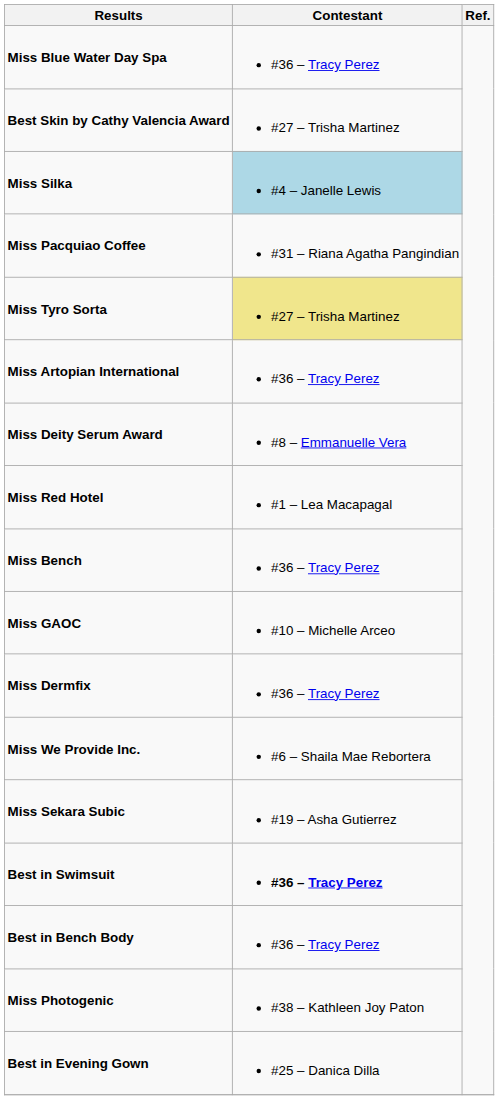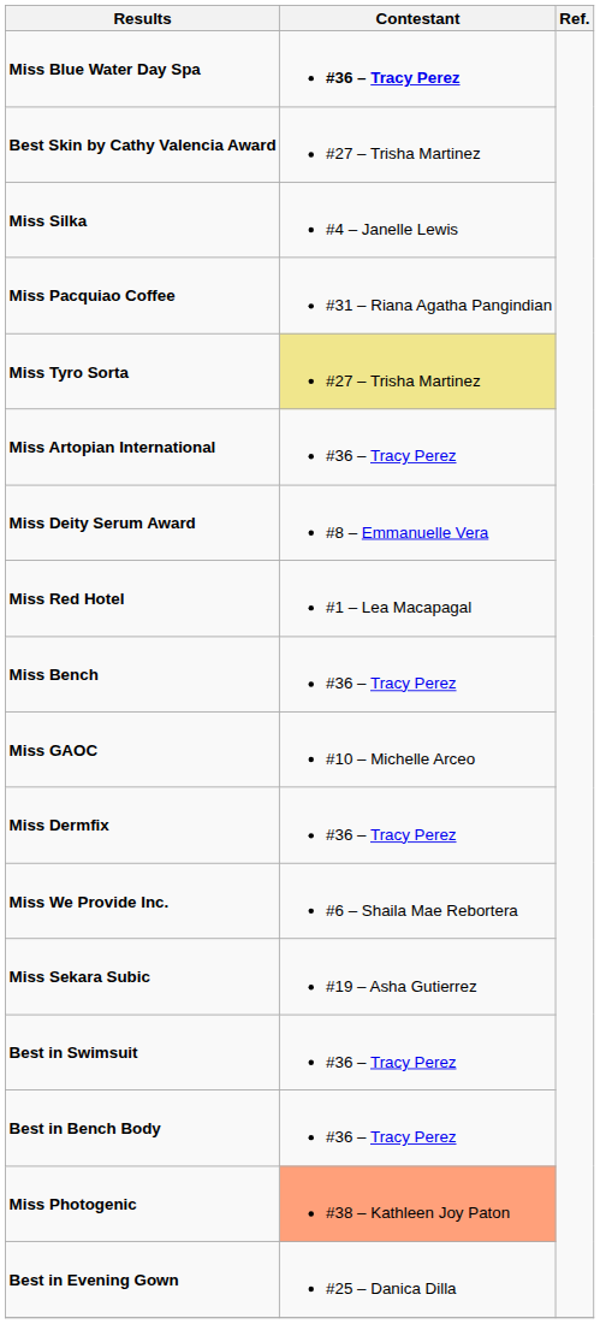 <table class="wikitable sortable" style="font-size:95%;">
 <tr>
 <th>Results</th>
 <th>Contestant</th>
 <th>Ref.</th>
 </tr>
 <tr>
 <td><strong>Miss Blue Water Day Spa</strong></td>
-<td><br><ul><li>#36 – <a href='#'>Tracy Perez</a></li></ul></td>
+<td><strong><br><ul><li>#36 – <a href='#'>Tracy Perez</a></li></ul></strong></td>
 <td rowspan="17"></td>
 </tr>
 <tr>
 <td><strong>Best Skin by Cathy Valencia Award</strong></td>
 <td><br><ul><li>#27 – Trisha Martinez</li></ul></td>
 </tr>
 <tr>
 <td><strong>Miss Silka</strong></td>
-<td style="background: lightblue;"><br><ul><li>#4 – Janelle Lewis</li></ul></td>
+<td><br><ul><li>#4 – Janelle Lewis</li></ul></td>
 </tr>
 <tr>
 <td><strong>Miss Pacquiao Coffee</strong></td>
 <td><br><ul><li>#31 – Riana Agatha Pangindian</li></ul></td>
 </tr>
 <tr>
 <td><strong>Miss Tyro Sorta</strong></td>
 <td style="background: khaki;"><br><ul><li>#27 – Trisha Martinez</li></ul></td>
 </tr>
 <tr>
 <td><strong>Miss Artopian International</strong></td>
 <td><br><ul><li>#36 – <a href='#'>Tracy Perez</a></li></ul></td>
 </tr>
 <tr>
 <td><strong>Miss Deity Serum Award</strong></td>
 <td><br><ul><li>#8 – <a href='#'>Emmanuelle Vera</a></li></ul></td>
 </tr>
 <tr>
 <td><strong>Miss Red Hotel</strong></td>
 <td><br><ul><li>#1 – Lea Macapagal</li></ul></td>
 </tr>
 <tr>
 <td><strong>Miss Bench</strong></td>
 <td><br><ul><li>#36 – <a href='#'>Tracy Perez</a></li></ul></td>
 </tr>
 <tr>
 <td><strong>Miss GAOC</strong></td>
 <td><br><ul><li>#10 – Michelle Arceo</li></ul></td>
 </tr>
 <tr>
 <td><strong>Miss Dermfix</strong></td>
 <td><br><ul><li>#36 – <a href='#'>Tracy Perez</a></li></ul></td>
 </tr>
 <tr>
 <td><strong>Miss We Provide Inc.</strong></td>
 <td><br><ul><li>#6 – Shaila Mae Rebortera</li></ul></td>
 </tr>
 <tr>
 <td><strong>Miss Sekara Subic</strong></td>
 <td><br><ul><li>#19 – Asha Gutierrez</li></ul></td>
 </tr>
 <tr>
 <td><strong>Best in Swimsuit</strong></td>
-<td><strong><br><ul><li>#36 – <a href='#'>Tracy Perez</a></li></ul></strong></td>
+<td><br><ul><li>#36 – <a href='#'>Tracy Perez</a></li></ul></td>
 </tr>
 <tr>
 <td><strong>Best in Bench Body</strong></td>
 <td><br><ul><li>#36 – <a href='#'>Tracy Perez</a></li></ul></td>
 </tr>
 <tr>
 <td><strong>Miss Photogenic</strong></td>
-<td><br><ul><li>#38 – Kathleen Joy Paton</li></ul></td>
+<td style="background: lightsalmon;"><br><ul><li>#38 – Kathleen Joy Paton</li></ul></td>
 </tr>
 <tr>
 <td><strong>Best in Evening Gown</strong></td>
 <td><br><ul><li>#25 – Danica Dilla</li></ul></td>
 </tr>
 <tr>
 </tr>
 </table>
